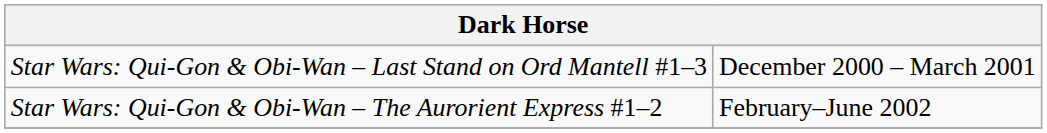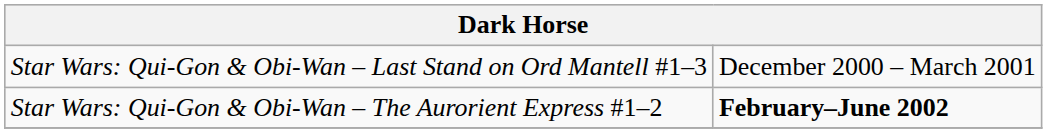 <table class="wikitable">
 <tr>
 <th colspan="2">Dark Horse</th>
 </tr>
 <tr>
 <td><em>Star Wars: Qui-Gon & Obi-Wan – Last Stand on Ord Mantell</em> #1–3</td>
 <td>December 2000 – March 2001</td>
 </tr>
 <tr>
 <td><em>Star Wars: Qui-Gon & Obi-Wan – The Aurorient Express</em> #1–2</td>
-<td>February–June 2002</td>
+<td><strong>February–June 2002</strong></td>
 </tr>
 <tr>
 </tr>
 </table>
